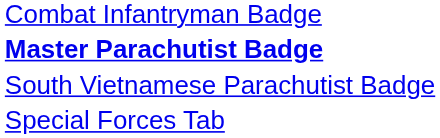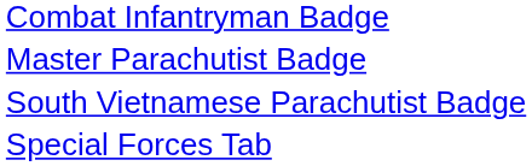 <table>
 <tr>
 <td> <a href='#'>Combat Infantryman Badge</a></td>
 </tr>
 <tr>
-<td><strong> <a href='#'>Master Parachutist Badge</a></strong></td>
+<td> <a href='#'>Master Parachutist Badge</a></td>
 </tr>
 <tr>
 <td> <a href='#'> South Vietnamese Parachutist Badge</a></td>
 </tr>
 <tr>
 <td> <a href='#'>Special Forces Tab</a></td>
 </tr>
 </table>
